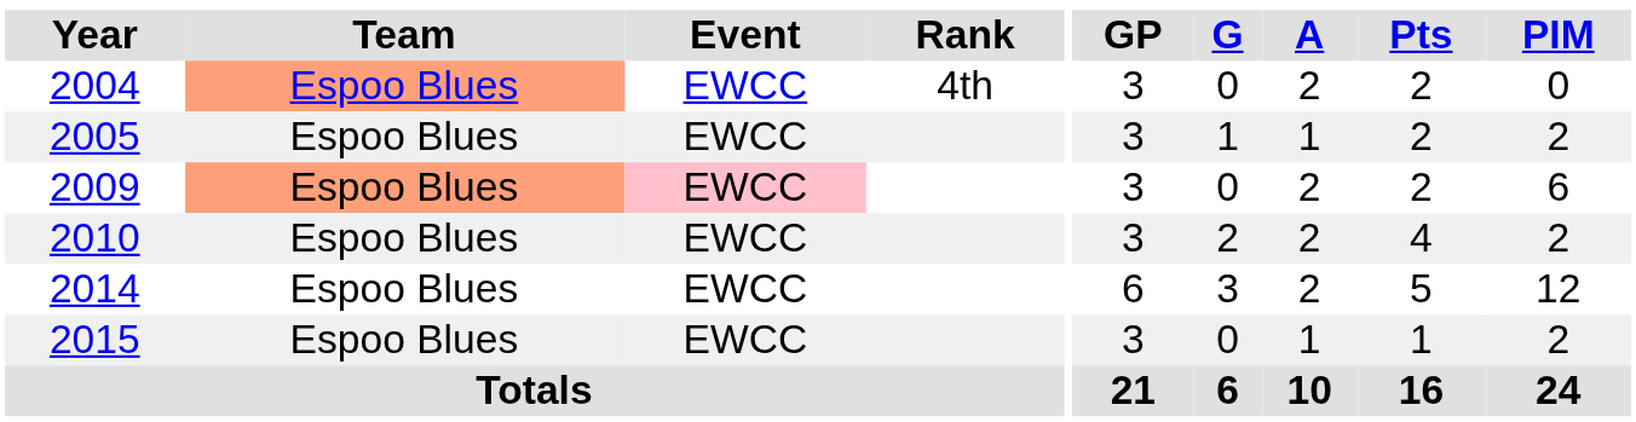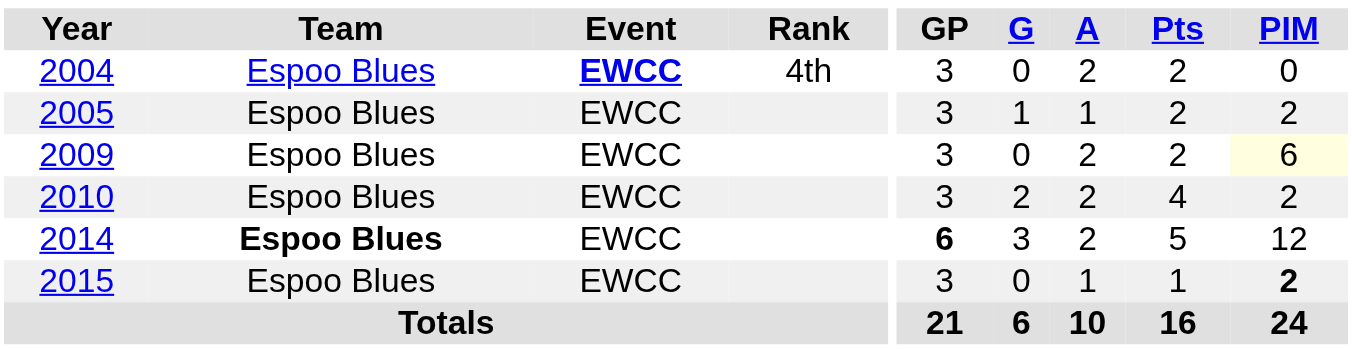 <table border="0" cellpadding="1" cellspacing="0" style="text-align:center; width:40em">
 <tr>
 <th colspan="4" bgcolor="#ffffff"></th>
 <th rowspan="112" bgcolor="#ffffff"></th>
 <th colspan="5" bgcolor="#ffffff"></th>
 </tr>
 <tr bgcolor="#e0e0e0">
 <th>Year</th>
 <th>Team</th>
 <th>Event</th>
 <th>Rank</th>
 <th>GP</th>
 <th><a href='#'>G</a></th>
 <th><a href='#'>A</a></th>
 <th><a href='#'>Pts</a></th>
 <th><a href='#'>PIM</a></th>
 </tr>
 <tr>
 <td><a href='#'>2004</a></td>
-<td style="background: lightsalmon;"><a href='#'>Espoo Blues</a></td>
-<td><a href='#'>EWCC</a></td>
+<td><a href='#'>Espoo Blues</a></td>
+<td><strong><a href='#'>EWCC</a></strong></td>
 <td>4th</td>
 <td>3</td>
 <td>0</td>
 <td>2</td>
 <td>2</td>
 <td>0</td>
 </tr>
 <tr bgcolor="#f0f0f0">
 <td><a href='#'>2005</a></td>
 <td>Espoo Blues</td>
 <td>EWCC</td>
 <td></td>
 <td>3</td>
 <td>1</td>
 <td>1</td>
 <td>2</td>
 <td>2</td>
 </tr>
 <tr>
 <td><a href='#'>2009</a></td>
-<td style="background: lightsalmon;">Espoo Blues</td>
-<td style="background: pink;">EWCC</td>
+<td>Espoo Blues</td>
+<td>EWCC</td>
 <td></td>
 <td>3</td>
 <td>0</td>
 <td>2</td>
 <td>2</td>
-<td>6</td>
+<td style="background: lightyellow;">6</td>
 </tr>
 <tr bgcolor="#f0f0f0">
 <td><a href='#'>2010</a></td>
 <td>Espoo Blues</td>
 <td>EWCC</td>
 <td></td>
 <td>3</td>
 <td>2</td>
 <td>2</td>
 <td>4</td>
 <td>2</td>
 </tr>
 <tr>
 <td><a href='#'>2014</a></td>
-<td>Espoo Blues</td>
+<td><strong>Espoo Blues</strong></td>
 <td>EWCC</td>
 <td></td>
-<td>6</td>
+<td><strong>6</strong></td>
 <td>3</td>
 <td>2</td>
 <td>5</td>
 <td>12</td>
 </tr>
 <tr bgcolor="#f0f0f0">
 <td><a href='#'>2015</a></td>
 <td>Espoo Blues</td>
 <td>EWCC</td>
 <td></td>
 <td>3</td>
 <td>0</td>
 <td>1</td>
 <td>1</td>
-<td>2</td>
+<td><strong>2</strong></td>
 </tr>
 <tr bgcolor="#e0e0e0">
 <th colspan="4">Totals</th>
 <th>21</th>
 <th>6</th>
 <th>10</th>
 <th>16</th>
 <th>24</th>
 </tr>
 </table>
